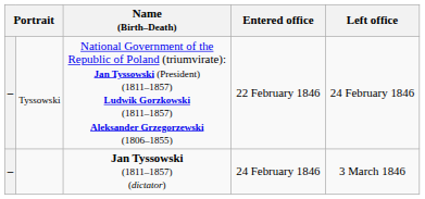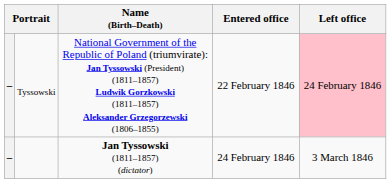 <table class="wikitable" style="text-align:center">
 <tr>
 <th colspan=2>Portrait</th>
 <th width=220px>Name<br><small>(Birth–Death)</small></th>
 <th width=120px>Entered office</th>
 <th width=120px>Left office</th>
 </tr>
 <tr>
 <th>–</th>
 <td><br><small>Tyssowski</small></td>
 <td><a href='#'>National Government of the Republic of Poland</a> (triumvirate):<br><small><strong><a href='#'>Jan Tyssowski</a></strong> (President)<br>(1811–1857)<br><strong><a href='#'>Ludwik Gorzkowski</a></strong><br>(1811–1857)<br><strong><a href='#'>Aleksander Grzegorzewski</a></strong><br>(1806–1855)</small></td>
 <td>22 February 1846</td>
-<td>24 February 1846</td>
+<td style="background: pink;">24 February 1846</td>
 </tr>
 <tr>
 <th>–</th>
 <td></td>
 <td><strong>Jan Tyssowski</strong><br><small>(1811–1857)<br>(<em>dictator</em>)</small></td>
 <td>24 February 1846</td>
 <td>3 March 1846</td>
 </tr>
 </table>
